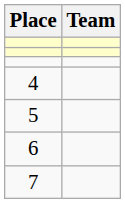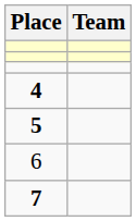 <table class="wikitable">
 <tr>
 <th>Place</th>
 <th>Team</th>
 </tr>
 <tr bgcolor=#ffffcc>
 <td align=center></td>
 <td></td>
 </tr>
 <tr bgcolor=#ffffcc>
 <td align=center></td>
 <td></td>
 </tr>
 <tr>
 <td align=center></td>
 <td></td>
 </tr>
 <tr>
-<td align=center>4</td>
+<td align=center><strong>4</strong></td>
 <td></td>
 </tr>
 <tr>
-<td align=center>5</td>
+<td align=center><strong>5</strong></td>
 <td></td>
 </tr>
 <tr>
 <td align=center>6</td>
 <td></td>
 </tr>
 <tr>
-<td align=center>7</td>
+<td align=center><strong>7</strong></td>
 <td></td>
 </tr>
 </table>
